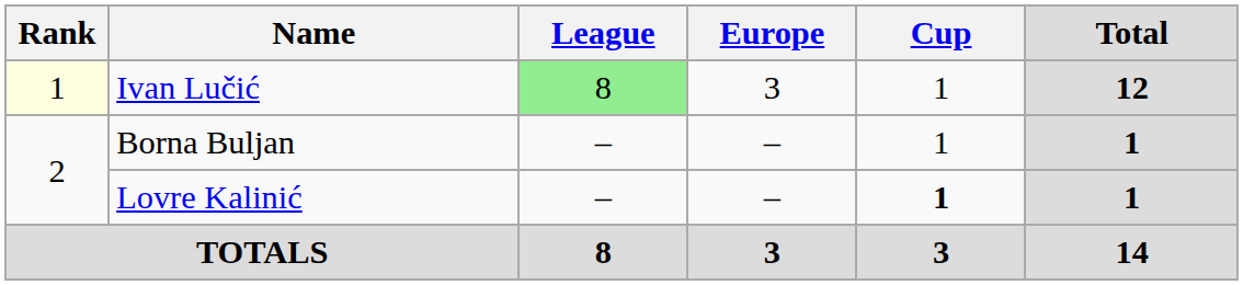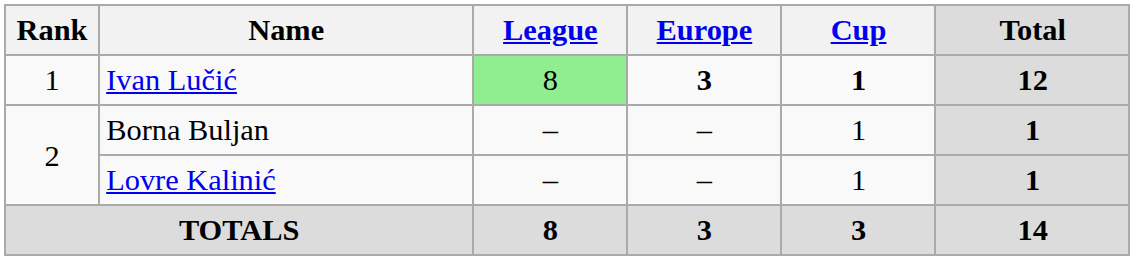 <table class="wikitable" style="font-size: 95%; text-align: center;">
 <tr>
 <th width=40>Rank</th>
 <th width=180>Name</th>
 <th width=70><a href='#'>League</a></th>
 <th width=70><a href='#'>Europe</a></th>
 <th width=70><a href='#'>Cup</a></th>
 <th width=90 style="background: #DCDCDC">Total</th>
 </tr>
 <tr>
-<td style="background: lightyellow;">1</td>
+<td>1</td>
 <td style="text-align:left;"> <a href='#'>Ivan Lučić</a></td>
 <td style="background: lightgreen;">8</td>
-<td>3</td>
-<td>1</td>
+<td><strong>3</strong></td>
+<td><strong>1</strong></td>
 <th style="background: #DCDCDC">12</th>
 </tr>
 <tr>
 <td rowspan=2>2</td>
 <td style="text-align:left;"> Borna Buljan</td>
 <td>–</td>
 <td>–</td>
 <td>1</td>
 <th style="background: #DCDCDC">1</th>
 </tr>
 <tr>
 <td style="text-align:left;"> <a href='#'>Lovre Kalinić</a></td>
 <td>–</td>
 <td>–</td>
-<td><strong>1</strong></td>
+<td>1</td>
 <th style="background: #DCDCDC">1</th>
 </tr>
 <tr>
 <th colspan="2" align="center" style="background: #DCDCDC">TOTALS</th>
 <th style="background: #DCDCDC">8</th>
 <th style="background: #DCDCDC">3</th>
 <th style="background: #DCDCDC">3</th>
 <th style="background: #DCDCDC">14</th>
 </tr>
 </table>
